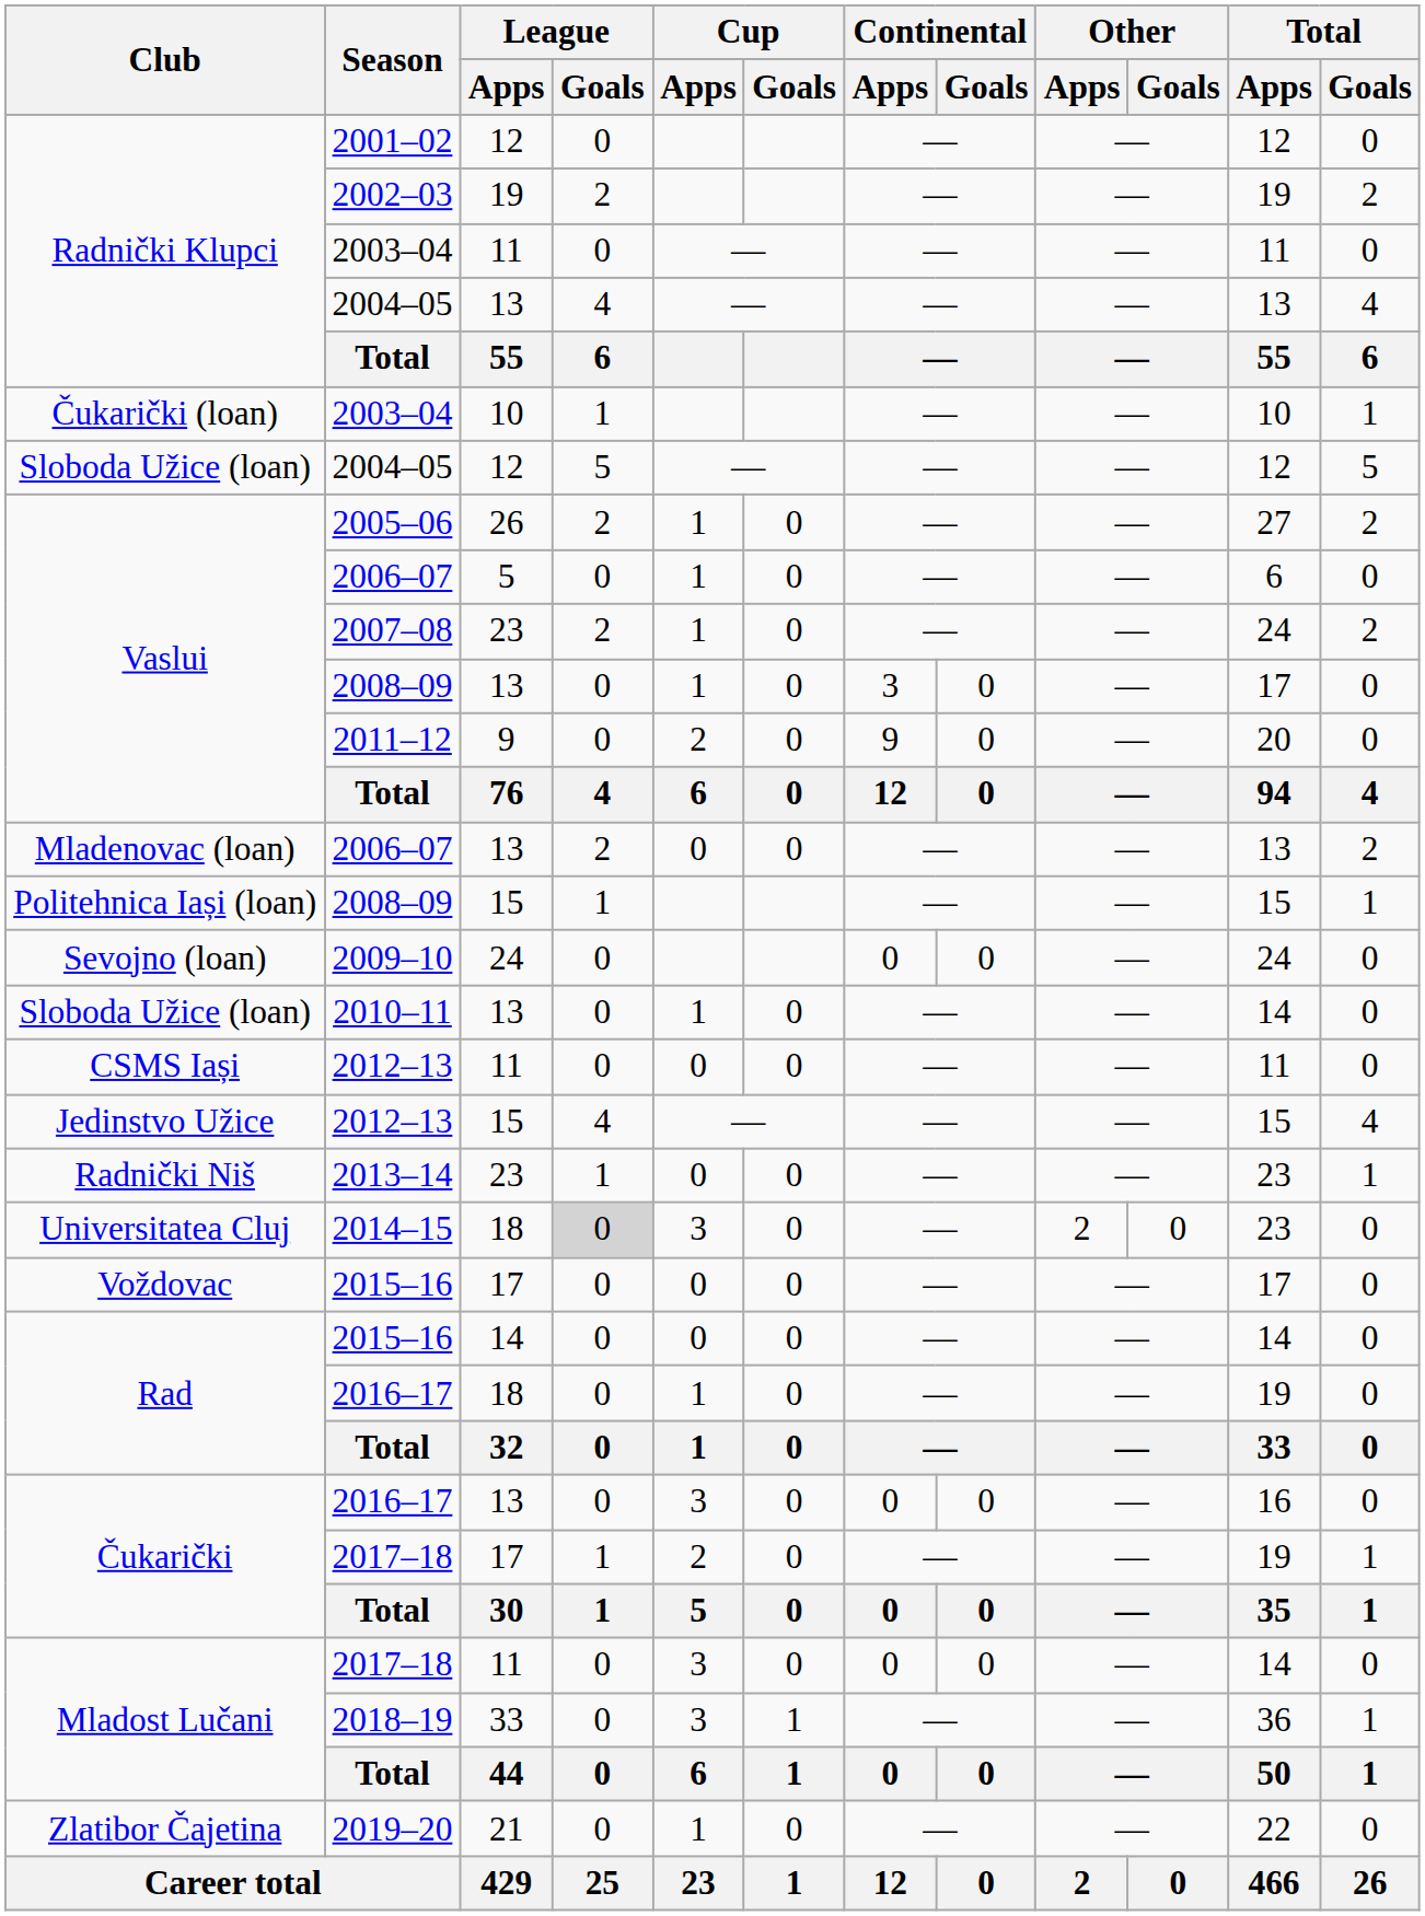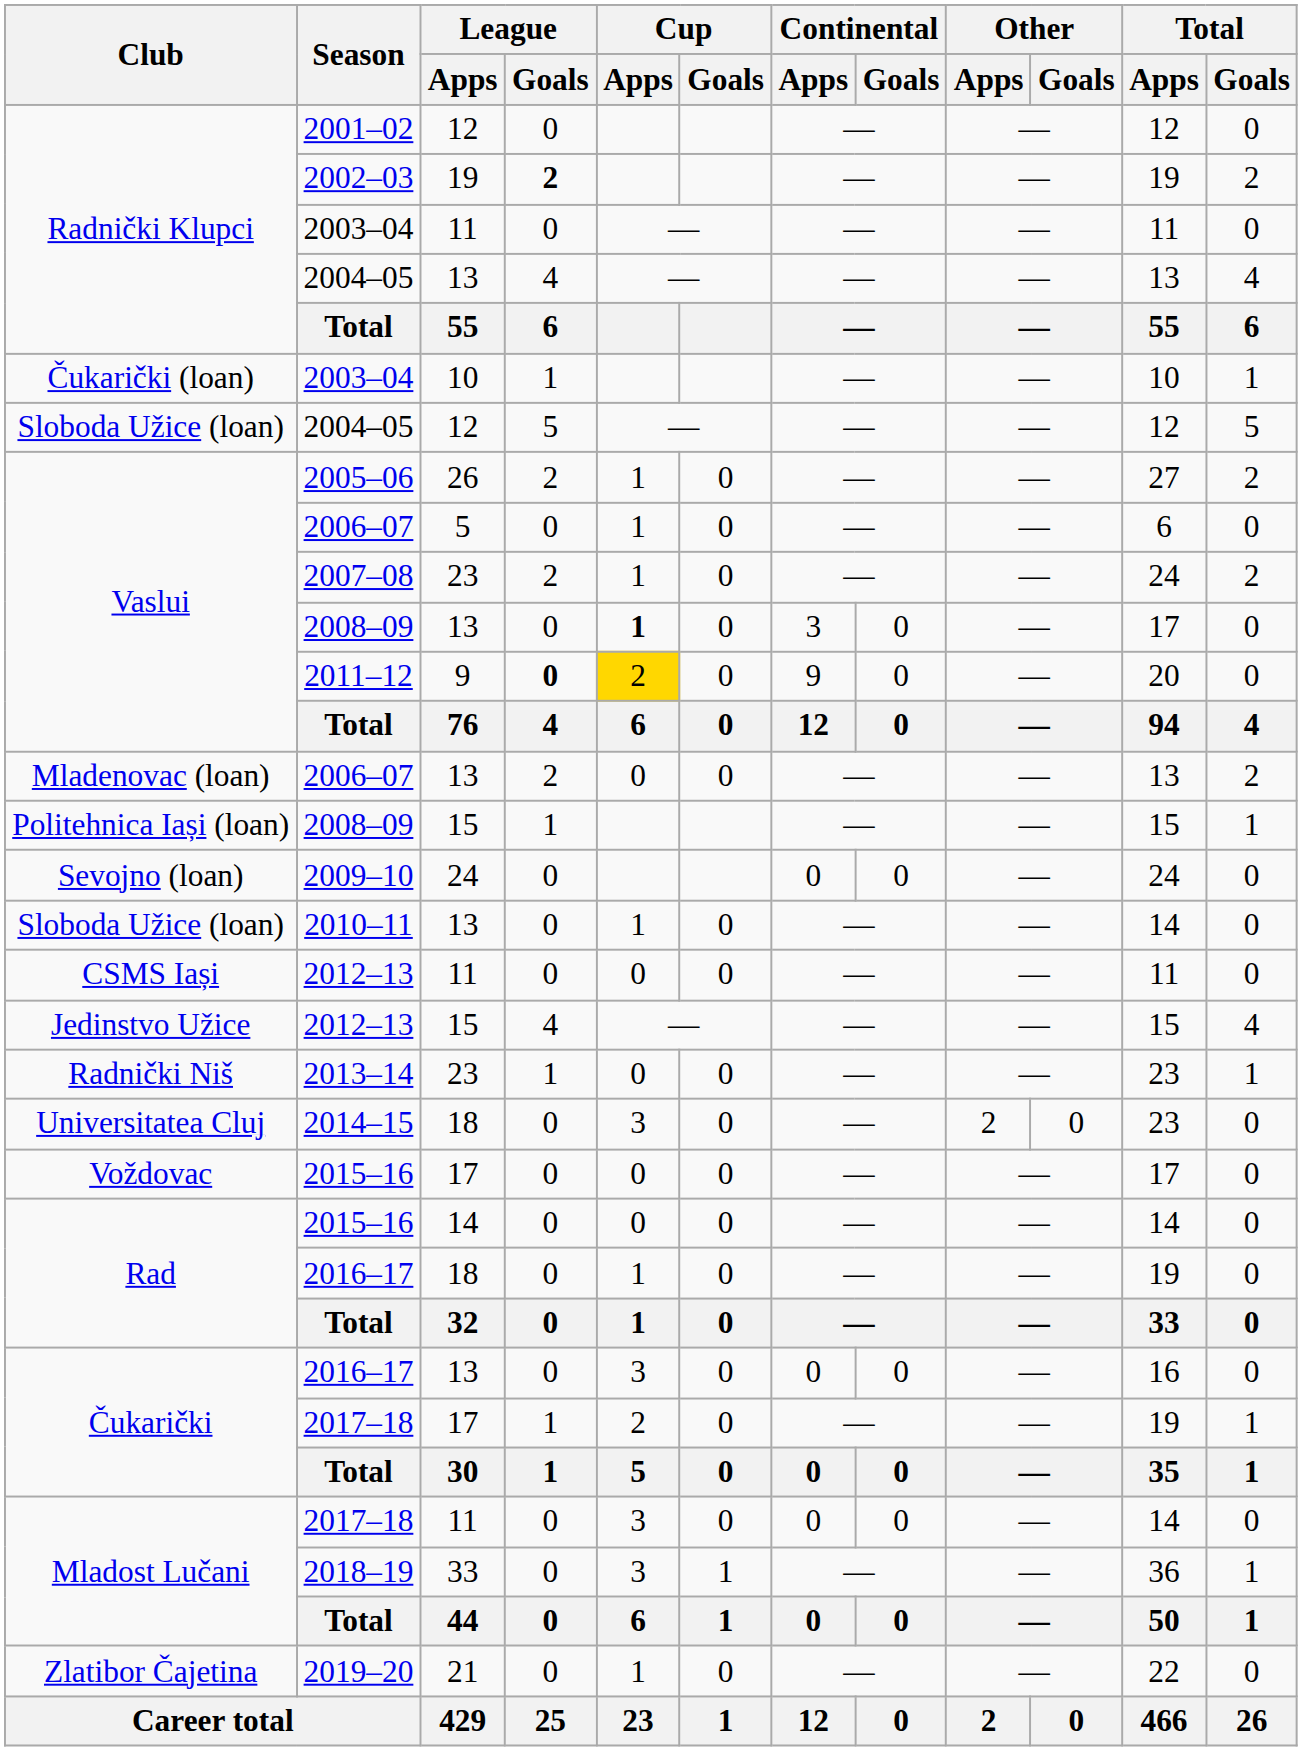 <table class="wikitable" style="text-align:center">
 <tr>
 <th rowspan="2">Club</th>
 <th rowspan="2">Season</th>
 <th colspan="2">League</th>
 <th colspan="2">Cup</th>
 <th colspan="2">Continental</th>
 <th colspan="2">Other</th>
 <th colspan="2">Total</th>
 </tr>
 <tr>
 <th>Apps</th>
 <th>Goals</th>
 <th>Apps</th>
 <th>Goals</th>
 <th>Apps</th>
 <th>Goals</th>
 <th>Apps</th>
 <th>Goals</th>
 <th>Apps</th>
 <th>Goals</th>
 </tr>
 <tr>
 <td rowspan="5"><a href='#'>Radnički Klupci</a></td>
 <td><a href='#'>2001–02</a></td>
 <td>12</td>
 <td>0</td>
 <td></td>
 <td></td>
 <td colspan="2">—</td>
 <td colspan="2">—</td>
 <td>12</td>
 <td>0</td>
 </tr>
 <tr>
 <td><a href='#'>2002–03</a></td>
 <td>19</td>
-<td>2</td>
+<td><strong>2</strong></td>
 <td></td>
 <td></td>
 <td colspan="2">—</td>
 <td colspan="2">—</td>
 <td>19</td>
 <td>2</td>
 </tr>
 <tr>
 <td>2003–04</td>
 <td>11</td>
 <td>0</td>
 <td colspan="2">—</td>
 <td colspan="2">—</td>
 <td colspan="2">—</td>
 <td>11</td>
 <td>0</td>
 </tr>
 <tr>
 <td>2004–05</td>
 <td>13</td>
 <td>4</td>
 <td colspan="2">—</td>
 <td colspan="2">—</td>
 <td colspan="2">—</td>
 <td>13</td>
 <td>4</td>
 </tr>
 <tr>
 <th>Total</th>
 <th>55</th>
 <th>6</th>
 <th></th>
 <th></th>
 <th colspan="2">—</th>
 <th colspan="2">—</th>
 <th>55</th>
 <th>6</th>
 </tr>
 <tr>
 <td><a href='#'>Čukarički</a> (loan)</td>
 <td><a href='#'>2003–04</a></td>
 <td>10</td>
 <td>1</td>
 <td></td>
 <td></td>
 <td colspan="2">—</td>
 <td colspan="2">—</td>
 <td>10</td>
 <td>1</td>
 </tr>
 <tr>
 <td><a href='#'>Sloboda Užice</a> (loan)</td>
 <td>2004–05</td>
 <td>12</td>
 <td>5</td>
 <td colspan="2">—</td>
 <td colspan="2">—</td>
 <td colspan="2">—</td>
 <td>12</td>
 <td>5</td>
 </tr>
 <tr>
 <td rowspan="6"><a href='#'>Vaslui</a></td>
 <td><a href='#'>2005–06</a></td>
 <td>26</td>
 <td>2</td>
 <td>1</td>
 <td>0</td>
 <td colspan="2">—</td>
 <td colspan="2">—</td>
 <td>27</td>
 <td>2</td>
 </tr>
 <tr>
 <td><a href='#'>2006–07</a></td>
 <td>5</td>
 <td>0</td>
 <td>1</td>
 <td>0</td>
 <td colspan="2">—</td>
 <td colspan="2">—</td>
 <td>6</td>
 <td>0</td>
 </tr>
 <tr>
 <td><a href='#'>2007–08</a></td>
 <td>23</td>
 <td>2</td>
 <td>1</td>
 <td>0</td>
 <td colspan="2">—</td>
 <td colspan="2">—</td>
 <td>24</td>
 <td>2</td>
 </tr>
 <tr>
 <td><a href='#'>2008–09</a></td>
 <td>13</td>
 <td>0</td>
-<td>1</td>
+<td><strong>1</strong></td>
 <td>0</td>
 <td>3</td>
 <td>0</td>
 <td colspan="2">—</td>
 <td>17</td>
 <td>0</td>
 </tr>
 <tr>
 <td><a href='#'>2011–12</a></td>
 <td>9</td>
-<td>0</td>
-<td>2</td>
+<td><strong>0</strong></td>
+<td style="background: gold;">2</td>
 <td>0</td>
 <td>9</td>
 <td>0</td>
 <td colspan="2">—</td>
 <td>20</td>
 <td>0</td>
 </tr>
 <tr>
 <th>Total</th>
 <th>76</th>
 <th>4</th>
 <th>6</th>
 <th>0</th>
 <th>12</th>
 <th>0</th>
 <th colspan="2">—</th>
 <th>94</th>
 <th>4</th>
 </tr>
 <tr>
 <td><a href='#'>Mladenovac</a> (loan)</td>
 <td><a href='#'>2006–07</a></td>
 <td>13</td>
 <td>2</td>
 <td>0</td>
 <td>0</td>
 <td colspan="2">—</td>
 <td colspan="2">—</td>
 <td>13</td>
 <td>2</td>
 </tr>
 <tr>
 <td><a href='#'>Politehnica Iași</a> (loan)</td>
 <td><a href='#'>2008–09</a></td>
 <td>15</td>
 <td>1</td>
 <td></td>
 <td></td>
 <td colspan="2">—</td>
 <td colspan="2">—</td>
 <td>15</td>
 <td>1</td>
 </tr>
 <tr>
 <td><a href='#'>Sevojno</a> (loan)</td>
 <td><a href='#'>2009–10</a></td>
 <td>24</td>
 <td>0</td>
 <td></td>
 <td></td>
 <td>0</td>
 <td>0</td>
 <td colspan="2">—</td>
 <td>24</td>
 <td>0</td>
 </tr>
 <tr>
 <td><a href='#'>Sloboda Užice</a> (loan)</td>
 <td><a href='#'>2010–11</a></td>
 <td>13</td>
 <td>0</td>
 <td>1</td>
 <td>0</td>
 <td colspan="2">—</td>
 <td colspan="2">—</td>
 <td>14</td>
 <td>0</td>
 </tr>
 <tr>
 <td><a href='#'>CSMS Iași</a></td>
 <td><a href='#'>2012–13</a></td>
 <td>11</td>
 <td>0</td>
 <td>0</td>
 <td>0</td>
 <td colspan="2">—</td>
 <td colspan="2">—</td>
 <td>11</td>
 <td>0</td>
 </tr>
 <tr>
 <td><a href='#'>Jedinstvo Užice</a></td>
 <td><a href='#'>2012–13</a></td>
 <td>15</td>
 <td>4</td>
 <td colspan="2">—</td>
 <td colspan="2">—</td>
 <td colspan="2">—</td>
 <td>15</td>
 <td>4</td>
 </tr>
 <tr>
 <td><a href='#'>Radnički Niš</a></td>
 <td><a href='#'>2013–14</a></td>
 <td>23</td>
 <td>1</td>
 <td>0</td>
 <td>0</td>
 <td colspan="2">—</td>
 <td colspan="2">—</td>
 <td>23</td>
 <td>1</td>
 </tr>
 <tr>
 <td><a href='#'>Universitatea Cluj</a></td>
 <td><a href='#'>2014–15</a></td>
 <td>18</td>
-<td style="background: lightgrey;">0</td>
+<td>0</td>
 <td>3</td>
 <td>0</td>
 <td colspan="2">—</td>
 <td>2</td>
 <td>0</td>
 <td>23</td>
 <td>0</td>
 </tr>
 <tr>
 <td><a href='#'>Voždovac</a></td>
 <td><a href='#'>2015–16</a></td>
 <td>17</td>
 <td>0</td>
 <td>0</td>
 <td>0</td>
 <td colspan="2">—</td>
 <td colspan="2">—</td>
 <td>17</td>
 <td>0</td>
 </tr>
 <tr>
 <td rowspan="3"><a href='#'>Rad</a></td>
 <td><a href='#'>2015–16</a></td>
 <td>14</td>
 <td>0</td>
 <td>0</td>
 <td>0</td>
 <td colspan="2">—</td>
 <td colspan="2">—</td>
 <td>14</td>
 <td>0</td>
 </tr>
 <tr>
 <td><a href='#'>2016–17</a></td>
 <td>18</td>
 <td>0</td>
 <td>1</td>
 <td>0</td>
 <td colspan="2">—</td>
 <td colspan="2">—</td>
 <td>19</td>
 <td>0</td>
 </tr>
 <tr>
 <th>Total</th>
 <th>32</th>
 <th>0</th>
 <th>1</th>
 <th>0</th>
 <th colspan="2">—</th>
 <th colspan="2">—</th>
 <th>33</th>
 <th>0</th>
 </tr>
 <tr>
 <td rowspan="3"><a href='#'>Čukarički</a></td>
 <td><a href='#'>2016–17</a></td>
 <td>13</td>
 <td>0</td>
 <td>3</td>
 <td>0</td>
 <td>0</td>
 <td>0</td>
 <td colspan="2">—</td>
 <td>16</td>
 <td>0</td>
 </tr>
 <tr>
 <td><a href='#'>2017–18</a></td>
 <td>17</td>
 <td>1</td>
 <td>2</td>
 <td>0</td>
 <td colspan="2">—</td>
 <td colspan="2">—</td>
 <td>19</td>
 <td>1</td>
 </tr>
 <tr>
 <th>Total</th>
 <th>30</th>
 <th>1</th>
 <th>5</th>
 <th>0</th>
 <th>0</th>
 <th>0</th>
 <th colspan="2">—</th>
 <th>35</th>
 <th>1</th>
 </tr>
 <tr>
 <td rowspan="3"><a href='#'>Mladost Lučani</a></td>
 <td><a href='#'>2017–18</a></td>
 <td>11</td>
 <td>0</td>
 <td>3</td>
 <td>0</td>
 <td>0</td>
 <td>0</td>
 <td colspan="2">—</td>
 <td>14</td>
 <td>0</td>
 </tr>
 <tr>
 <td><a href='#'>2018–19</a></td>
 <td>33</td>
 <td>0</td>
 <td>3</td>
 <td>1</td>
 <td colspan="2">—</td>
 <td colspan="2">—</td>
 <td>36</td>
 <td>1</td>
 </tr>
 <tr>
 <th>Total</th>
 <th>44</th>
 <th>0</th>
 <th>6</th>
 <th>1</th>
 <th>0</th>
 <th>0</th>
 <th colspan="2">—</th>
 <th>50</th>
 <th>1</th>
 </tr>
 <tr>
 <td><a href='#'>Zlatibor Čajetina</a></td>
 <td><a href='#'>2019–20</a></td>
 <td>21</td>
 <td>0</td>
 <td>1</td>
 <td>0</td>
 <td colspan="2">—</td>
 <td colspan="2">—</td>
 <td>22</td>
 <td>0</td>
 </tr>
 <tr>
 <th colspan="2">Career total</th>
 <th>429</th>
 <th>25</th>
 <th>23</th>
 <th>1</th>
 <th>12</th>
 <th>0</th>
 <th>2</th>
 <th>0</th>
 <th>466</th>
 <th>26</th>
 </tr>
 </table>
